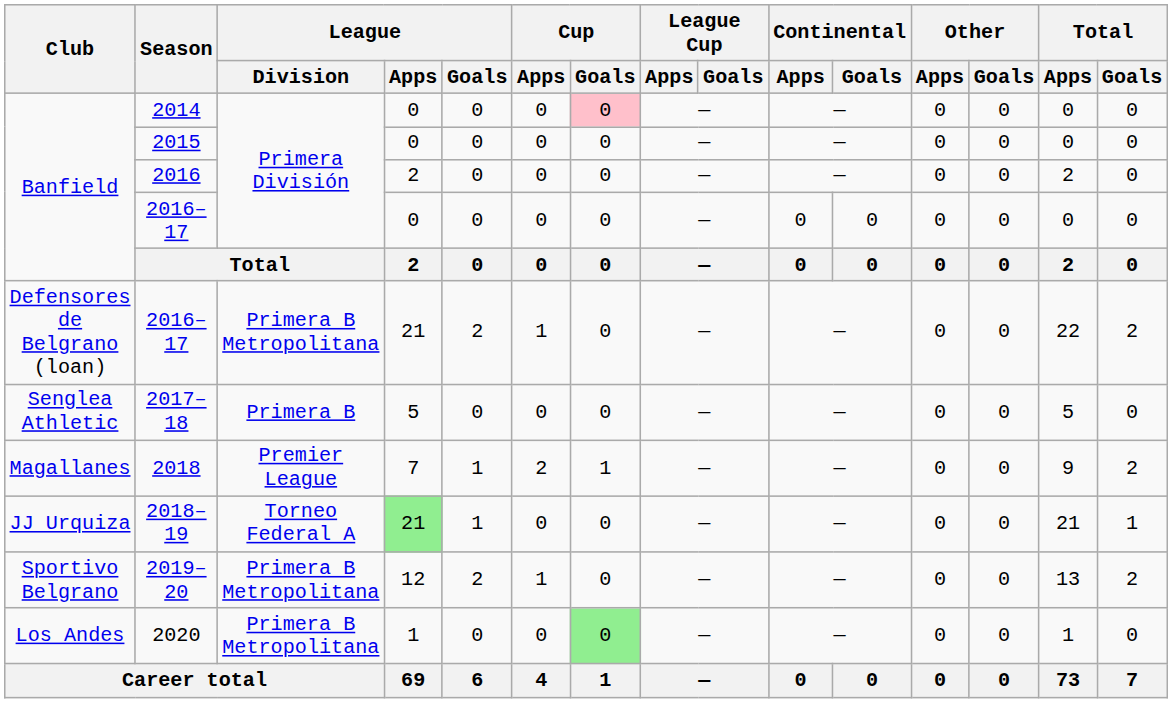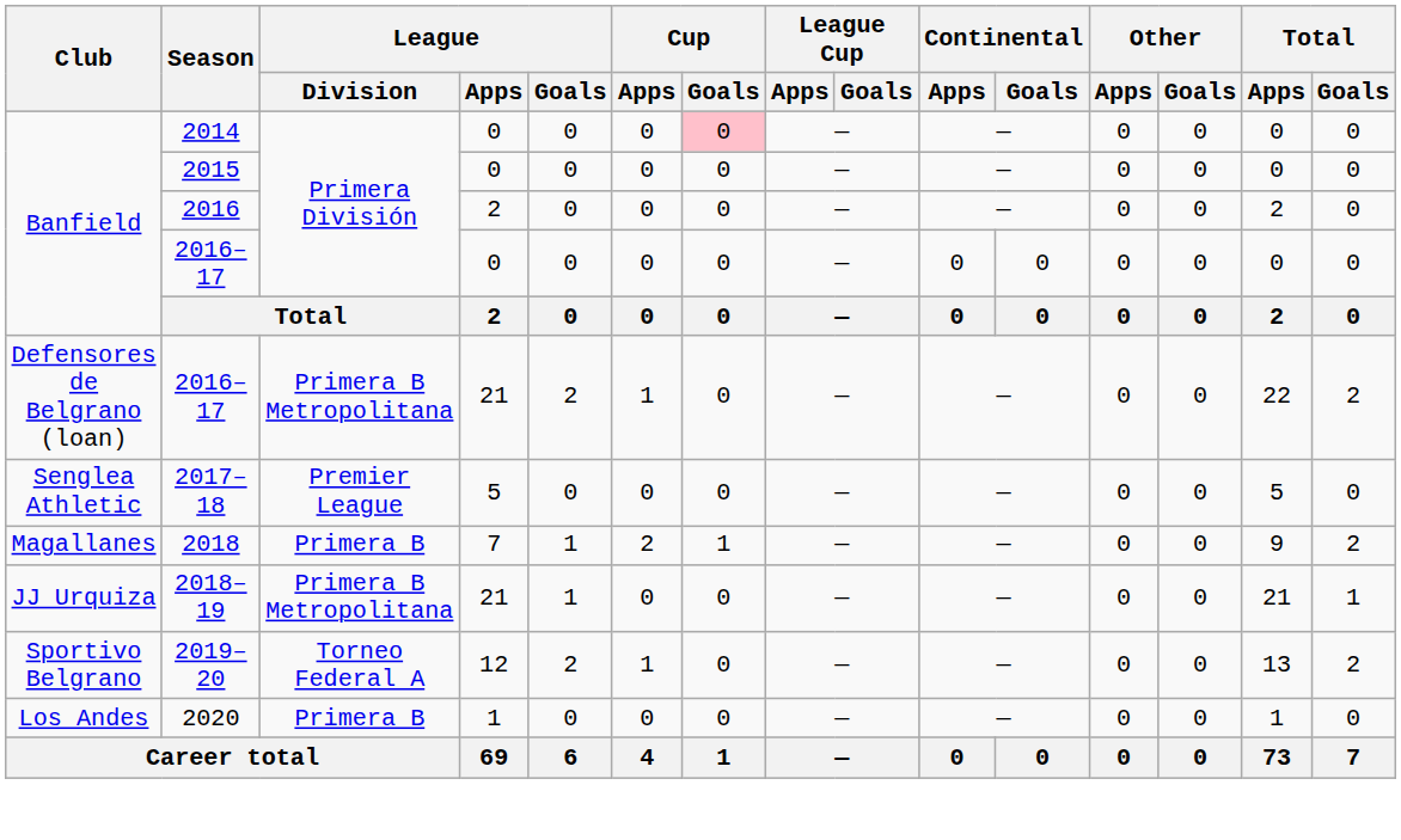 <table class="wikitable" style="text-align:center">
 <tr>
 <th rowspan="2">Club</th>
 <th rowspan="2">Season</th>
 <th colspan="3">League</th>
 <th colspan="2">Cup</th>
 <th colspan="2">League Cup</th>
 <th colspan="2">Continental</th>
 <th colspan="2">Other</th>
 <th colspan="2">Total</th>
 </tr>
 <tr>
 <th>Division</th>
 <th>Apps</th>
 <th>Goals</th>
 <th>Apps</th>
 <th>Goals</th>
 <th>Apps</th>
 <th>Goals</th>
 <th>Apps</th>
 <th>Goals</th>
 <th>Apps</th>
 <th>Goals</th>
 <th>Apps</th>
 <th>Goals</th>
 </tr>
 <tr>
 <td rowspan="5"><a href='#'>Banfield</a></td>
 <td><a href='#'>2014</a></td>
 <td rowspan="4"><a href='#'>Primera División</a></td>
 <td>0</td>
 <td>0</td>
 <td>0</td>
 <td style="background: pink;">0</td>
 <td colspan="2">—</td>
 <td colspan="2">—</td>
 <td>0</td>
 <td>0</td>
 <td>0</td>
 <td>0</td>
 </tr>
 <tr>
 <td><a href='#'>2015</a></td>
 <td>0</td>
 <td>0</td>
 <td>0</td>
 <td>0</td>
 <td colspan="2">—</td>
 <td colspan="2">—</td>
 <td>0</td>
 <td>0</td>
 <td>0</td>
 <td>0</td>
 </tr>
 <tr>
 <td><a href='#'>2016</a></td>
 <td>2</td>
 <td>0</td>
 <td>0</td>
 <td>0</td>
 <td colspan="2">—</td>
 <td colspan="2">—</td>
 <td>0</td>
 <td>0</td>
 <td>2</td>
 <td>0</td>
 </tr>
 <tr>
 <td><a href='#'>2016–17</a></td>
 <td>0</td>
 <td>0</td>
 <td>0</td>
 <td>0</td>
 <td colspan="2">—</td>
 <td>0</td>
 <td>0</td>
 <td>0</td>
 <td>0</td>
 <td>0</td>
 <td>0</td>
 </tr>
 <tr>
 <th colspan="2">Total</th>
 <th>2</th>
 <th>0</th>
 <th>0</th>
 <th>0</th>
 <th colspan="2">—</th>
 <th>0</th>
 <th>0</th>
 <th>0</th>
 <th>0</th>
 <th>2</th>
 <th>0</th>
 </tr>
 <tr>
 <td rowspan="1"><a href='#'>Defensores de Belgrano</a> (loan)</td>
 <td><a href='#'>2016–17</a></td>
 <td rowspan="1"><a href='#'>Primera B Metropolitana</a></td>
 <td>21</td>
 <td>2</td>
 <td>1</td>
 <td>0</td>
 <td colspan="2">—</td>
 <td colspan="2">—</td>
 <td>0</td>
 <td>0</td>
 <td>22</td>
 <td>2</td>
 </tr>
 <tr>
 <td rowspan="1"><a href='#'>Senglea Athletic</a></td>
 <td><a href='#'>2017–18</a></td>
-<td rowspan="1"><a href='#'>Primera B</a></td>
+<td rowspan="1"><a href='#'>Premier League</a></td>
 <td>5</td>
 <td>0</td>
 <td>0</td>
 <td>0</td>
 <td colspan="2">—</td>
 <td colspan="2">—</td>
 <td>0</td>
 <td>0</td>
 <td>5</td>
 <td>0</td>
 </tr>
 <tr>
 <td rowspan="1"><a href='#'>Magallanes</a></td>
 <td><a href='#'>2018</a></td>
-<td rowspan="1"><a href='#'>Premier League</a></td>
+<td rowspan="1"><a href='#'>Primera B</a></td>
 <td>7</td>
 <td>1</td>
 <td>2</td>
 <td>1</td>
 <td colspan="2">—</td>
 <td colspan="2">—</td>
 <td>0</td>
 <td>0</td>
 <td>9</td>
 <td>2</td>
 </tr>
 <tr>
 <td rowspan="1"><a href='#'>JJ Urquiza</a></td>
 <td><a href='#'>2018–19</a></td>
-<td rowspan="1"><a href='#'>Torneo Federal A</a></td>
-<td style="background: lightgreen;">21</td>
+<td rowspan="1"><a href='#'>Primera B Metropolitana</a></td>
+<td>21</td>
 <td>1</td>
 <td>0</td>
 <td>0</td>
 <td colspan="2">—</td>
 <td colspan="2">—</td>
 <td>0</td>
 <td>0</td>
 <td>21</td>
 <td>1</td>
 </tr>
 <tr>
 <td rowspan="1"><a href='#'>Sportivo Belgrano</a></td>
 <td><a href='#'>2019–20</a></td>
-<td rowspan="1"><a href='#'>Primera B Metropolitana</a></td>
+<td rowspan="1"><a href='#'>Torneo Federal A</a></td>
 <td>12</td>
 <td>2</td>
 <td>1</td>
 <td>0</td>
 <td colspan="2">—</td>
 <td colspan="2">—</td>
 <td>0</td>
 <td>0</td>
 <td>13</td>
 <td>2</td>
 </tr>
 <tr>
 <td rowspan="1"><a href='#'>Los Andes</a></td>
 <td>2020</td>
-<td rowspan="1"><a href='#'>Primera B Metropolitana</a></td>
+<td rowspan="1"><a href='#'>Primera B</a></td>
 <td>1</td>
 <td>0</td>
 <td>0</td>
-<td style="background: lightgreen;">0</td>
+<td>0</td>
 <td colspan="2">—</td>
 <td colspan="2">—</td>
 <td>0</td>
 <td>0</td>
 <td>1</td>
 <td>0</td>
 </tr>
 <tr>
 <th colspan="3">Career total</th>
 <th>69</th>
 <th>6</th>
 <th>4</th>
 <th>1</th>
 <th colspan="2">—</th>
 <th>0</th>
 <th>0</th>
 <th>0</th>
 <th>0</th>
 <th>73</th>
 <th>7</th>
 </tr>
 </table>
